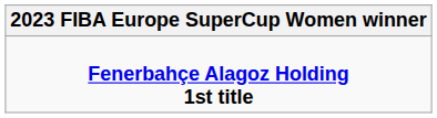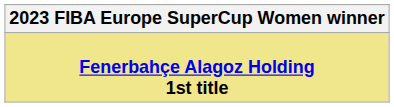 <table class=wikitable style="text-align:center; margin:auto">
 <tr>
 <th>2023 FIBA Europe SuperCup Women winner</th>
 </tr>
 <tr>
-<td><br><strong><a href='#'>Fenerbahçe Alagoz Holding</a></strong><br><strong>1st title</strong></td>
+<td style="background: khaki;"><br><strong><a href='#'>Fenerbahçe Alagoz Holding</a></strong><br><strong>1st title</strong></td>
 </tr>
 </table>
